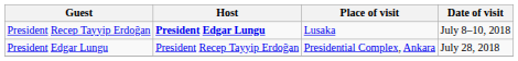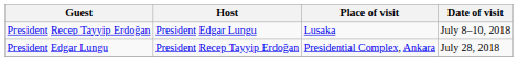 <table class="wikitable" border="1">
 <tr>
 <th>Guest</th>
 <th>Host</th>
 <th>Place of visit</th>
 <th>Date of visit</th>
 </tr>
 <tr>
 <td> <a href='#'>President</a> <a href='#'>Recep Tayyip Erdoğan</a></td>
-<td><strong> <a href='#'>President</a> <a href='#'>Edgar Lungu</a></strong></td>
+<td> <a href='#'>President</a> <a href='#'>Edgar Lungu</a></td>
 <td><a href='#'>Lusaka</a></td>
 <td>July 8–10, 2018</td>
 </tr>
 <tr>
 <td> <a href='#'>President</a> <a href='#'>Edgar Lungu</a></td>
 <td> <a href='#'>President</a> <a href='#'>Recep Tayyip Erdoğan</a></td>
 <td><a href='#'>Presidential Complex</a>, <a href='#'>Ankara</a></td>
 <td>July 28, 2018</td>
 </tr>
 <tr>
 </tr>
 </table>
